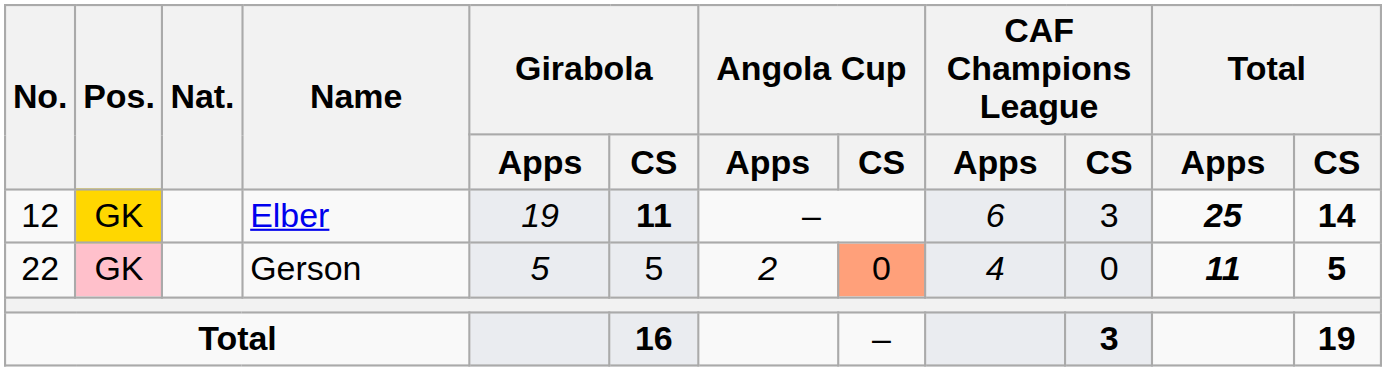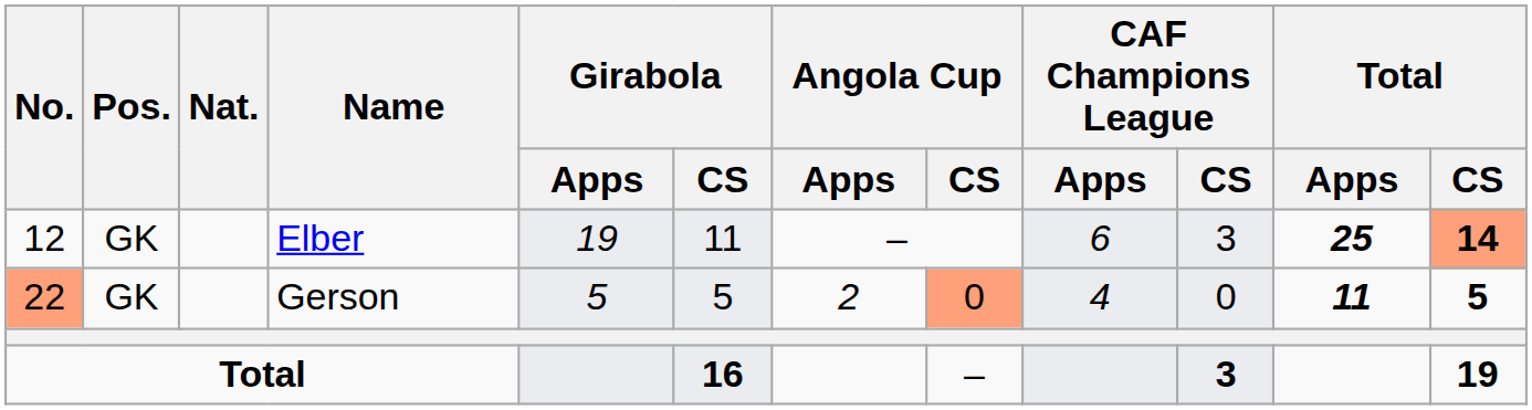 <table class="wikitable sortable" style="text-align:center">
 <tr>
 <th style="text-align:center;" rowspan="2">No.</th>
 <th style="text-align:center;" rowspan="2">Pos.</th>
 <th style="text-align:center;" rowspan="2">Nat.</th>
 <th style="text-align:center; width:100px;" rowspan="2">Name</th>
 <th style="text-align:center; width:100px;" colspan="2">Girabola</th>
 <th style="text-align:center; width:100px;" colspan="2">Angola Cup</th>
 <th style="text-align:center; width:100px;" colspan="2">CAF Champions League</th>
 <th style="text-align:center; width:100px;" colspan="2">Total</th>
 </tr>
 <tr>
 <th style="text-align:center;">Apps</th>
 <th style="text-align:center;">CS</th>
 <th style="text-align:center;">Apps</th>
 <th style="text-align:center;">CS</th>
 <th style="text-align:center;">Apps</th>
 <th style="text-align:center;">CS</th>
 <th style="text-align:center;">Apps</th>
 <th style="text-align:center;">CS</th>
 </tr>
 <tr>
 <td>12</td>
-<td style="background: gold;">GK</td>
+<td>GK</td>
 <td></td>
 <td align=left><a href='#'>Elber</a></td>
 <td style="background:#eaecf0;"><em>19</em></td>
-<td style="background:#eaecf0;"><strong>11</strong></td>
+<td style="background:#eaecf0;">11</td>
 <td colspan=2>–</td>
 <td style="background:#eaecf0;"><em>6</em></td>
 <td style="background:#eaecf0;">3</td>
 <td><strong><em>25</em></strong></td>
-<td><strong>14</strong></td>
+<td style="background: lightsalmon;"><strong>14</strong></td>
 </tr>
 <tr>
-<td>22</td>
-<td style="background: pink;">GK</td>
+<td style="background: lightsalmon;">22</td>
+<td>GK</td>
 <td></td>
 <td align=left>Gerson</td>
 <td style="background:#eaecf0;"><em>5</em></td>
 <td style="background:#eaecf0;">5</td>
 <td><em>2</em></td>
 <td style="background: lightsalmon;">0</td>
 <td style="background:#eaecf0;"><em>4</em></td>
 <td style="background:#eaecf0;">0</td>
 <td><strong><em>11</em></strong></td>
 <td><strong>5</strong></td>
 </tr>
 <tr>
 <th colspan=14></th>
 </tr>
 <tr>
 <td colspan=4><strong>Total</strong></td>
 <td style="background:#eaecf0;"></td>
 <td style="background:#eaecf0;"><strong>16</strong></td>
 <td></td>
 <td>–</td>
 <td style="background:#eaecf0;"></td>
 <td style="background:#eaecf0;"><strong>3</strong></td>
 <td></td>
 <td><strong>19</strong></td>
 </tr>
 </table>
